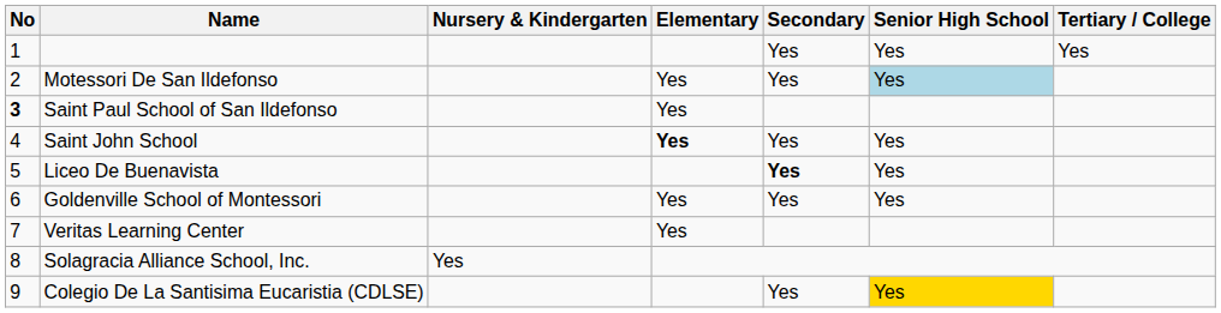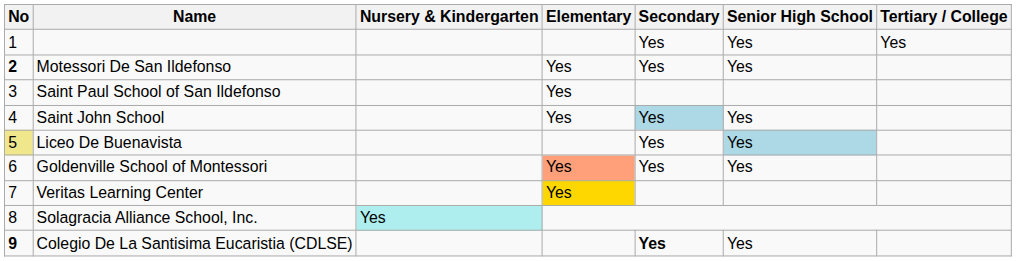 <table class="wikitable sortable" style:"text-align: center">
 <tr>
 <th>No</th>
 <th>Name</th>
 <th>Nursery & Kindergarten</th>
 <th>Elementary</th>
 <th>Secondary</th>
 <th>Senior High School</th>
 <th>Tertiary / College</th>
 </tr>
 <tr>
 <td>1</td>
 <td align=left></td>
 <td></td>
 <td></td>
 <td>Yes</td>
 <td>Yes</td>
 <td>Yes</td>
 </tr>
 <tr>
-<td>2</td>
+<td><strong>2</strong></td>
 <td align=left>Motessori De San Ildefonso</td>
 <td></td>
 <td>Yes</td>
 <td>Yes</td>
-<td style="background: lightblue;">Yes</td>
+<td>Yes</td>
 <td></td>
 </tr>
 <tr>
-<td><strong>3</strong></td>
+<td>3</td>
 <td align=left>Saint Paul School of San Ildefonso</td>
 <td></td>
 <td>Yes</td>
 <td></td>
 <td></td>
 <td></td>
 </tr>
 <tr>
 <td>4</td>
 <td align=left>Saint John School</td>
 <td></td>
-<td><strong>Yes</strong></td>
 <td>Yes</td>
+<td style="background: lightblue;">Yes</td>
 <td>Yes</td>
 <td></td>
 </tr>
 <tr>
-<td>5</td>
+<td style="background: khaki;">5</td>
 <td align=left>Liceo De Buenavista</td>
 <td></td>
 <td></td>
-<td><strong>Yes</strong></td>
 <td>Yes</td>
+<td style="background: lightblue;">Yes</td>
 <td></td>
 </tr>
 <tr>
 <td>6</td>
 <td align=left>Goldenville School of Montessori</td>
 <td></td>
-<td>Yes</td>
+<td style="background: lightsalmon;">Yes</td>
 <td>Yes</td>
 <td>Yes</td>
 <td></td>
 </tr>
 <tr>
 <td>7</td>
 <td align=left>Veritas Learning Center</td>
 <td></td>
-<td>Yes</td>
+<td style="background: gold;">Yes</td>
 <td></td>
 <td></td>
 <td></td>
 </tr>
 <tr>
 <td>8</td>
 <td>Solagracia Alliance School, Inc.</td>
-<td>Yes</td>
+<td style="background: paleturquoise;">Yes</td>
 </tr>
 <tr>
-<td>9</td>
+<td><strong>9</strong></td>
 <td align=left>Colegio De La Santisima Eucaristia (CDLSE)</td>
 <td></td>
 <td></td>
+<td><strong>Yes</strong></td>
 <td>Yes</td>
-<td style="background: gold;">Yes</td>
 <td></td>
 </tr>
 </table>
